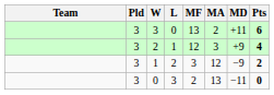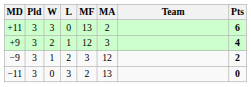 <table class=wikitable style="text-align:center">
 <tr>
-<th width=175>Team</th>
+<th width=20>MD</th>
 <th width=20>Pld</th>
 <th width=20>W</th>
 <th width=20>L</th>
 <th width=20>MF</th>
 <th width=20>MA</th>
-<th width=20>MD</th>
+<th width=175>Team</th>
 <th width=20>Pts</th>
 </tr>
 <tr bgcolor=ccffcc>
-<td align=left></td>
+<td>+11</td>
 <td>3</td>
 <td>3</td>
 <td>0</td>
 <td>13</td>
 <td>2</td>
-<td>+11</td>
+<td align=left></td>
 <td><strong>6</strong></td>
 </tr>
 <tr bgcolor=ccffcc>
-<td align=left></td>
+<td>+9</td>
 <td>3</td>
 <td>2</td>
 <td>1</td>
 <td>12</td>
 <td>3</td>
-<td>+9</td>
+<td align=left></td>
 <td><strong>4</strong></td>
 </tr>
 <tr>
-<td align=left></td>
+<td>−9</td>
 <td>3</td>
 <td>1</td>
 <td>2</td>
 <td>3</td>
 <td>12</td>
-<td>−9</td>
+<td align=left></td>
 <td><strong>2</strong></td>
 </tr>
 <tr>
-<td align=left></td>
+<td>−11</td>
 <td>3</td>
 <td>0</td>
 <td>3</td>
 <td>2</td>
 <td>13</td>
-<td>−11</td>
+<td align=left></td>
 <td><strong>0</strong></td>
 </tr>
 </table>
